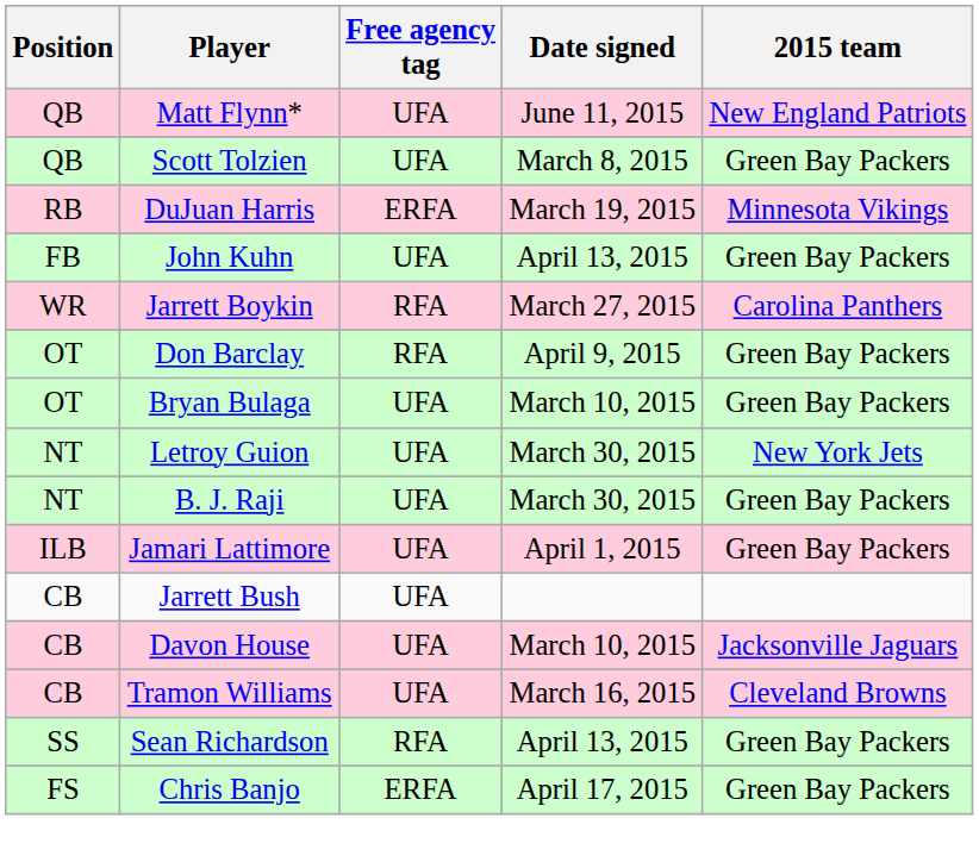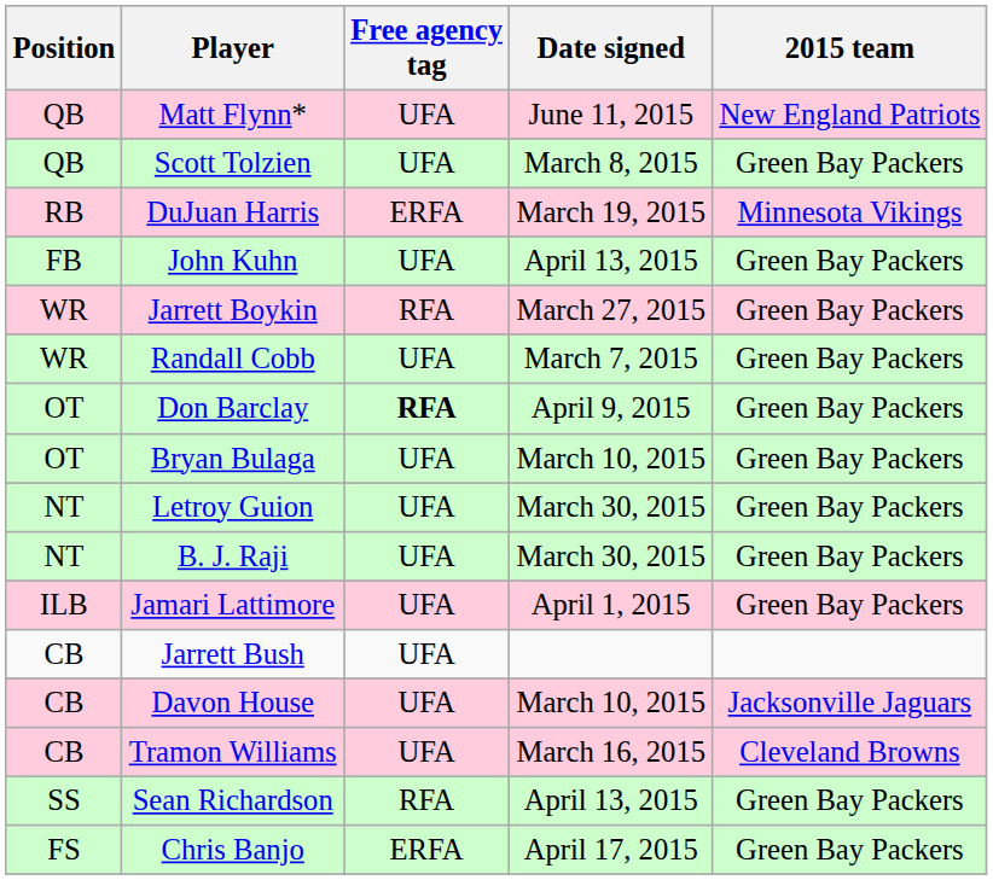 <table class="wikitable" style="font-size: 95%;">
 <tr>
 <th>Position</th>
 <th>Player</th>
 <th><a href='#'><span>Free agency</span></a><br>tag</th>
 <th>Date signed</th>
 <th>2015 team</th>
 </tr>
 <tr style="background:#FCD; text-align:center;">
 <td>QB</td>
 <td><a href='#'>Matt Flynn</a>*</td>
 <td>UFA</td>
 <td>June 11, 2015</td>
 <td><a href='#'>New England Patriots</a></td>
 </tr>
 <tr style="background:#CFC; text-align:center;">
 <td>QB</td>
 <td><a href='#'>Scott Tolzien</a></td>
 <td>UFA</td>
 <td>March 8, 2015</td>
 <td>Green Bay Packers</td>
 </tr>
 <tr style="background:#FCD; text-align:center;">
 <td>RB</td>
 <td><a href='#'>DuJuan Harris</a></td>
 <td>ERFA</td>
 <td>March 19, 2015</td>
 <td><a href='#'>Minnesota Vikings</a></td>
 </tr>
 <tr style="background:#CFC; text-align:center;">
 <td>FB</td>
 <td><a href='#'>John Kuhn</a></td>
 <td>UFA</td>
 <td>April 13, 2015</td>
 <td>Green Bay Packers</td>
 </tr>
 <tr style="background:#FCD; text-align:center;">
 <td>WR</td>
 <td><a href='#'>Jarrett Boykin</a></td>
 <td>RFA</td>
 <td>March 27, 2015</td>
-<td><a href='#'>Carolina Panthers</a></td>
+<td>Green Bay Packers</td>
+</tr>
+<tr style="background:#CFC; text-align:center;">
+<td>WR</td>
+<td><a href='#'>Randall Cobb</a></td>
+<td>UFA</td>
+<td>March 7, 2015</td>
+<td>Green Bay Packers</td>
 </tr>
 <tr style="background:#CFC; text-align:center;">
 <td>OT</td>
 <td><a href='#'>Don Barclay</a></td>
-<td>RFA</td>
+<td><strong>RFA</strong></td>
 <td>April 9, 2015</td>
 <td>Green Bay Packers</td>
 </tr>
 <tr style="background:#CFC; text-align:center;">
 <td>OT</td>
 <td><a href='#'>Bryan Bulaga</a></td>
 <td>UFA</td>
 <td>March 10, 2015</td>
 <td>Green Bay Packers</td>
 </tr>
 <tr style="background:#CFC; text-align:center;">
 <td>NT</td>
 <td><a href='#'>Letroy Guion</a></td>
 <td>UFA</td>
 <td>March 30, 2015</td>
-<td><a href='#'>New York Jets</a></td>
+<td>Green Bay Packers</td>
 </tr>
 <tr style="background:#CFC; text-align:center;">
 <td>NT</td>
 <td><a href='#'>B. J. Raji</a></td>
 <td>UFA</td>
 <td>March 30, 2015</td>
 <td>Green Bay Packers</td>
 </tr>
 <tr style="background:#FCD; text-align:center;">
 <td>ILB</td>
 <td><a href='#'>Jamari Lattimore</a></td>
 <td>UFA</td>
 <td>April 1, 2015</td>
 <td>Green Bay Packers</td>
 </tr>
 <tr style="background:#; text-align:center;">
 <td>CB</td>
 <td><a href='#'>Jarrett Bush</a></td>
 <td>UFA</td>
 <td></td>
 <td></td>
 </tr>
 <tr style="background:#FCD; text-align:center;">
 <td>CB</td>
 <td><a href='#'>Davon House</a></td>
 <td>UFA</td>
 <td>March 10, 2015 </td>
 <td><a href='#'>Jacksonville Jaguars</a></td>
 </tr>
 <tr style="background:#FCD; text-align:center;">
 <td>CB</td>
 <td><a href='#'>Tramon Williams</a></td>
 <td>UFA</td>
 <td>March 16, 2015 </td>
 <td><a href='#'>Cleveland Browns</a></td>
 </tr>
 <tr style="background:#CFC; text-align:center;">
 <td>SS</td>
 <td><a href='#'>Sean Richardson</a></td>
 <td>RFA</td>
 <td>April 13, 2015</td>
 <td>Green Bay Packers</td>
 </tr>
 <tr style="background:#CFC; text-align:center;">
 <td>FS</td>
 <td><a href='#'>Chris Banjo</a></td>
 <td>ERFA</td>
 <td>April 17, 2015</td>
 <td>Green Bay Packers</td>
 </tr>
 </table>
